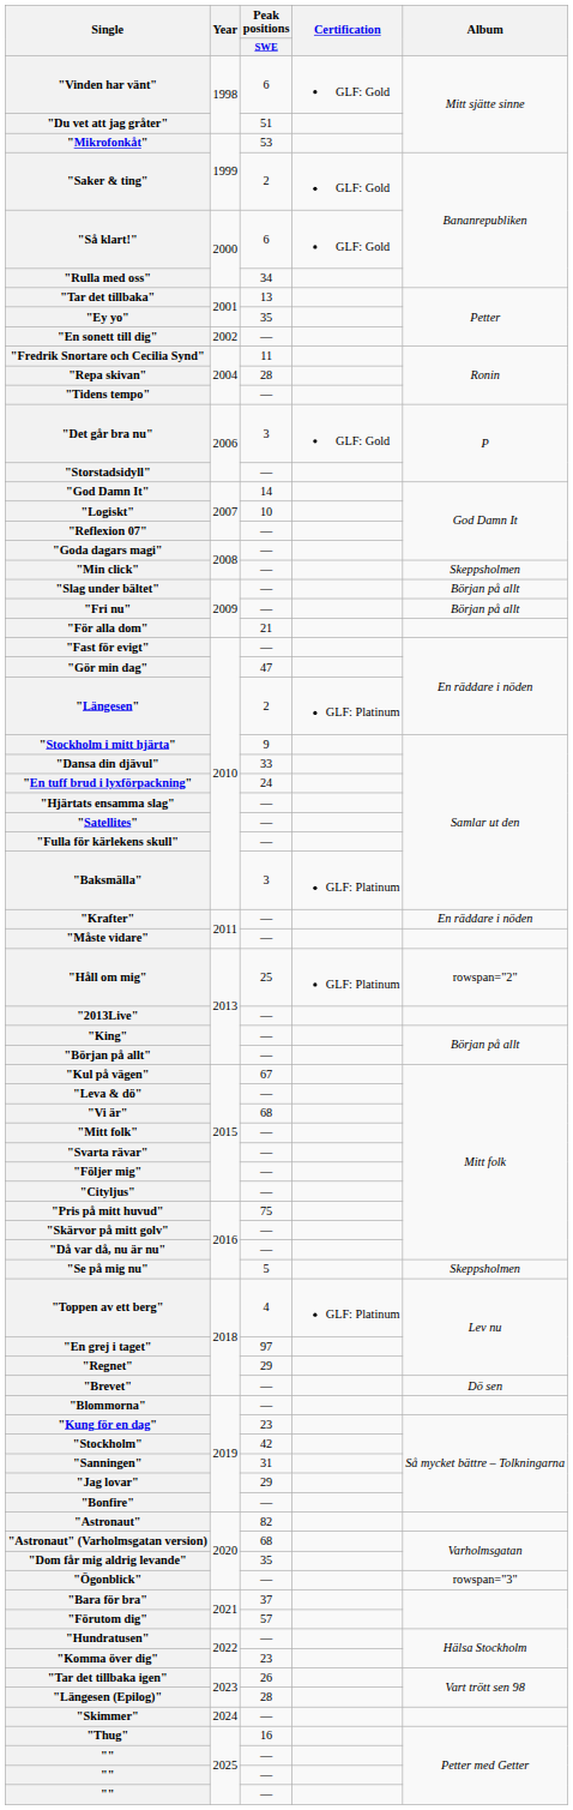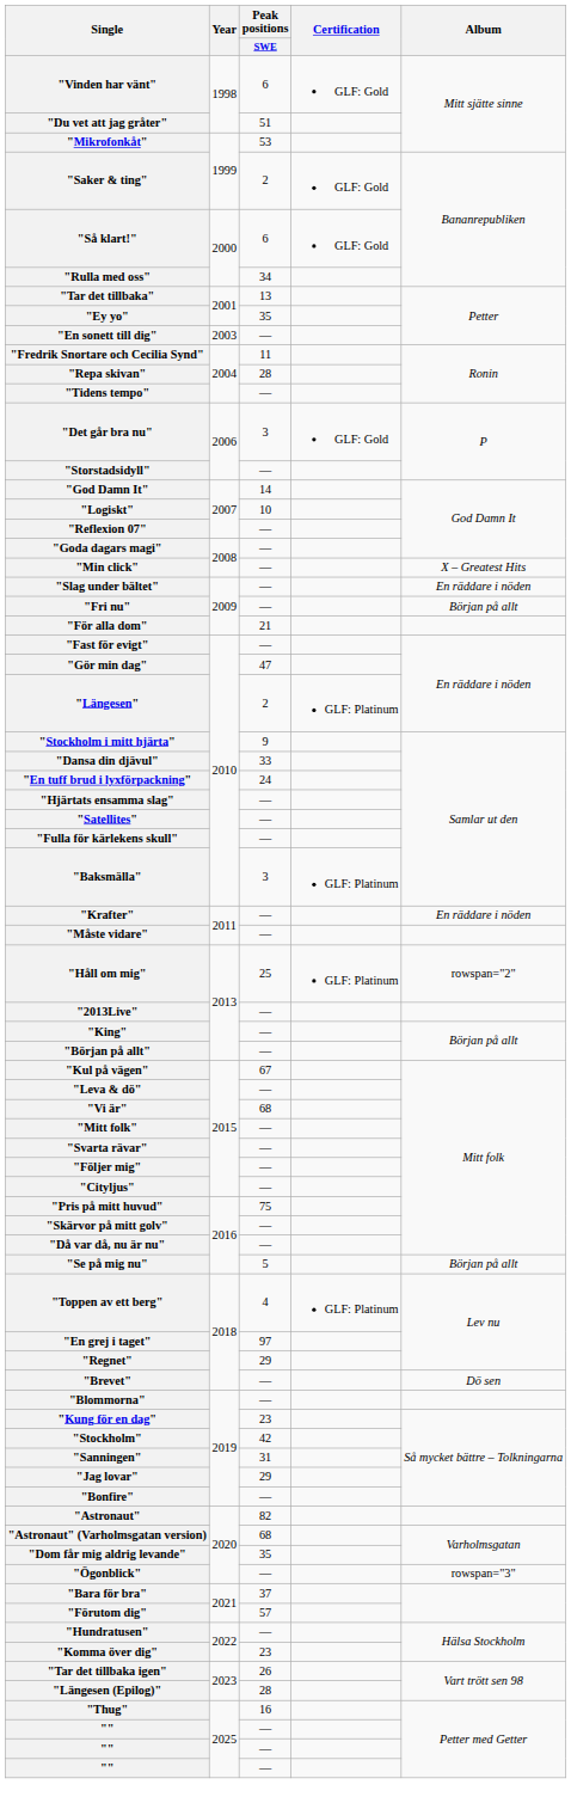 <table class="wikitable plainrowheaders" style="text-align:center">
 <tr>
 <th scope="col" rowspan="2">Single</th>
 <th scope="col" rowspan="2">Year</th>
 <th scope="col" colspan="1">Peak positions</th>
 <th scope="col" rowspan="2"><a href='#'>Certification</a></th>
 <th scope="col" rowspan="2">Album</th>
 </tr>
 <tr>
 <th scope="col" style="width:3em;font-size:85%;"><a href='#'>SWE</a><br></th>
 </tr>
 <tr>
 <th scope="row">"Vinden har vänt"</th>
 <td rowspan="2">1998</td>
 <td>6</td>
 <td><br><ul><li>GLF: Gold</li></ul></td>
 <td rowspan="3"><em>Mitt sjätte sinne</em></td>
 </tr>
 <tr>
 <th scope="row">"Du vet att jag gråter"<br></th>
 <td>51</td>
 <td></td>
 </tr>
 <tr>
 <th scope="row">"<a href='#'>Mikrofonkåt</a>"</th>
 <td rowspan="2">1999</td>
 <td>53</td>
 <td></td>
 </tr>
 <tr>
 <th scope="row">"Saker & ting"<br></th>
 <td>2</td>
 <td><br><ul><li>GLF: Gold</li></ul></td>
 <td rowspan="3"><em>Bananrepubliken</em></td>
 </tr>
 <tr>
 <th scope="row">"Så klart!"<br></th>
 <td rowspan="2">2000</td>
 <td>6</td>
 <td><br><ul><li>GLF: Gold</li></ul></td>
 </tr>
 <tr>
 <th scope="row">"Rulla med oss"<br></th>
 <td>34</td>
 <td></td>
 </tr>
 <tr>
 <th scope="row">"Tar det tillbaka"</th>
 <td rowspan="2">2001</td>
 <td>13</td>
 <td></td>
 <td rowspan="3"><em>Petter</em></td>
 </tr>
 <tr>
 <th scope="row">"Ey yo"<br></th>
 <td>35</td>
 <td></td>
 </tr>
 <tr>
 <th scope="row">"En sonett till dig"<br></th>
-<td>2002</td>
+<td>2003</td>
 <td>—</td>
 <td></td>
 </tr>
 <tr>
 <th scope="row">"Fredrik Snortare och Cecilia Synd"</th>
 <td rowspan="3">2004</td>
 <td>11</td>
 <td></td>
 <td rowspan="3"><em>Ronin</em></td>
 </tr>
 <tr>
 <th scope="row">"Repa skivan"<br></th>
 <td>28</td>
 <td></td>
 </tr>
 <tr>
 <th scope="row">"Tidens tempo"<br></th>
 <td>—</td>
 <td></td>
 </tr>
 <tr>
 <th scope="row">"Det går bra nu"</th>
 <td rowspan="2">2006</td>
 <td>3</td>
 <td><br><ul><li>GLF: Gold</li></ul></td>
 <td rowspan="2"><em>P</em></td>
 </tr>
 <tr>
 <th scope="row">"Storstadsidyll"</th>
 <td>—</td>
 <td></td>
 </tr>
 <tr>
 <th scope="row">"God Damn It"</th>
 <td rowspan="3">2007</td>
 <td>14</td>
 <td></td>
 <td rowspan="4"><em>God Damn It</em></td>
 </tr>
 <tr>
 <th scope="row">"Logiskt"<br></th>
 <td>10</td>
 <td></td>
 </tr>
 <tr>
 <th scope="row">"Reflexion 07"<br></th>
 <td>—</td>
 <td></td>
 </tr>
 <tr>
 <th scope="row">"Goda dagars magi"</th>
 <td rowspan="2">2008</td>
 <td>—</td>
 <td></td>
 </tr>
 <tr>
 <th scope="row">"Min click"<br></th>
 <td>—</td>
 <td></td>
-<td><em>Skeppsholmen</em></td>
+<td><em>X – Greatest Hits</em></td>
 </tr>
 <tr>
 <th scope="row">"Slag under bältet"</th>
 <td rowspan="3">2009</td>
 <td>—</td>
 <td></td>
-<td><em>Början på allt</em></td>
+<td><em>En räddare i nöden</em></td>
 </tr>
 <tr>
 <th scope="row">"Fri nu"</th>
 <td>—</td>
 <td></td>
 <td><em>Början på allt</em></td>
 </tr>
 <tr>
 <th scope="row">"För alla dom"<br></th>
 <td>21</td>
 <td></td>
 </tr>
 <tr>
 <th scope="row">"Fast för evigt"</th>
 <td rowspan="10">2010</td>
 <td>—</td>
 <td></td>
 <td rowspan="3"><em>En räddare i nöden</em></td>
 </tr>
 <tr>
 <th scope="row">"Gör min dag"<br></th>
 <td>47</td>
 <td></td>
 </tr>
 <tr>
 <th scope="row">"<a href='#'>Längesen</a>"<br></th>
 <td>2<br></td>
 <td><br><ul><li>GLF: Platinum</li></ul></td>
 </tr>
 <tr>
 <th scope="row">"<a href='#'>Stockholm i mitt hjärta</a>"</th>
 <td>9</td>
 <td></td>
 <td rowspan="7"><em>Samlar ut den</em></td>
 </tr>
 <tr>
 <th scope="row">"Dansa din djävul"</th>
 <td>33</td>
 <td></td>
 </tr>
 <tr>
 <th scope="row">"<a href='#'>En tuff brud i lyxförpackning</a>"</th>
 <td>24</td>
 <td></td>
 </tr>
 <tr>
 <th scope="row">"Hjärtats ensamma slag"</th>
 <td>—</td>
 <td></td>
 </tr>
 <tr>
 <th scope="row">"<a href='#'>Satellites</a>"</th>
 <td>—</td>
 <td></td>
 </tr>
 <tr>
 <th scope="row">"Fulla för kärlekens skull"</th>
 <td>—</td>
 <td></td>
 </tr>
 <tr>
 <th scope="row">"Baksmälla"<br></th>
 <td>3</td>
 <td><br><ul><li>GLF: Platinum</li></ul></td>
 </tr>
 <tr>
 <th scope="row">"Krafter"<br></th>
 <td rowspan="2">2011</td>
 <td>—</td>
 <td></td>
 <td><em>En räddare i nöden</em></td>
 </tr>
 <tr>
 <th scope="row">"Måste vidare"</th>
 <td>—</td>
 <td></td>
 <td></td>
 </tr>
 <tr>
 <th scope="row">"Håll om mig"<br></th>
 <td rowspan="4">2013</td>
 <td>25<br></td>
 <td><br><ul><li>GLF: Platinum</li></ul></td>
 <td>rowspan="2"</td>
 </tr>
 <tr>
 <th scope="row">"2013Live"<br></th>
 <td>—</td>
 <td></td>
 <td></td>
 </tr>
 <tr>
 <th scope="row">"King"<br></th>
 <td>—</td>
 <td></td>
 <td rowspan="2"><em>Början på allt</em></td>
 </tr>
 <tr>
 <th scope="row">"Början på allt"<br></th>
 <td>—</td>
 <td></td>
 </tr>
 <tr>
 <th scope="row">"Kul på vägen"<br></th>
 <td rowspan="7">2015</td>
 <td>67</td>
 <td></td>
 <td rowspan="10"><em>Mitt folk</em></td>
 </tr>
 <tr>
 <th scope="row">"Leva & dö"<br></th>
 <td>—</td>
 <td></td>
 </tr>
 <tr>
 <th scope="row">"Vi är"</th>
 <td>68</td>
 </tr>
 <tr>
 <th scope="row">"Mitt folk"<br></th>
 <td>—</td>
 <td></td>
 </tr>
 <tr>
 <th scope="row">"Svarta rävar"<br></th>
 <td>—</td>
 <td></td>
 </tr>
 <tr>
 <th scope="row">"Följer mig"<br></th>
 <td>—</td>
 <td></td>
 </tr>
 <tr>
 <th scope="row">"Cityljus"<br></th>
 <td>—</td>
 <td></td>
 </tr>
 <tr>
 <th scope="row">"Pris på mitt huvud"<br></th>
 <td rowspan="4">2016</td>
 <td>75<br></td>
 <td></td>
 </tr>
 <tr>
 <th scope="row">"Skärvor på mitt golv"</th>
 <td>—</td>
 <td></td>
 </tr>
 <tr>
 <th scope="row">"Då var då, nu är nu"<br></th>
 <td>—</td>
 <td></td>
 </tr>
 <tr>
 <th scope="row">"Se på mig nu"<br></th>
 <td>5<br></td>
 <td></td>
-<td><em>Skeppsholmen</em></td>
+<td><em>Början på allt</em></td>
 </tr>
 <tr>
 <th scope="row">"Toppen av ett berg"<br></th>
 <td rowspan="4">2018</td>
 <td>4<br></td>
 <td><br><ul><li>GLF: Platinum</li></ul></td>
 <td rowspan="3"><em>Lev nu</em></td>
 </tr>
 <tr>
 <th scope="row">"En grej i taget"<br></th>
 <td>97<br></td>
 <td></td>
 </tr>
 <tr>
 <th scope="row">"Regnet"<br></th>
 <td>29<br></td>
 <td></td>
 </tr>
 <tr>
 <th scope="row">"Brevet"<br></th>
 <td>—</td>
 <td></td>
 <td><em>Dö sen</em></td>
 </tr>
 <tr>
 <th scope="row">"Blommorna"<br></th>
 <td rowspan="6">2019</td>
 <td>—</td>
 <td></td>
 <td></td>
 </tr>
 <tr>
 <th scope="row">"<a href='#'>Kung för en dag</a>"<br></th>
 <td>23<br></td>
 <td></td>
 <td rowspan="5"><em>Så mycket bättre – Tolkningarna</em></td>
 </tr>
 <tr>
 <th scope="row">"Stockholm"<br></th>
 <td>42<br></td>
 <td></td>
 </tr>
 <tr>
 <th scope="row">"Sanningen"<br></th>
 <td>31<br></td>
 <td></td>
 </tr>
 <tr>
 <th scope="row">"Jag lovar"</th>
 <td>29</td>
 <td></td>
 </tr>
 <tr>
 <th scope="row">"Bonfire"</th>
 <td>—</td>
 <td></td>
 </tr>
 <tr>
 <th scope="row">"Astronaut"<br></th>
 <td rowspan="4">2020</td>
 <td>82<br></td>
 <td></td>
 <td></td>
 </tr>
 <tr>
 <th scope="row">"Astronaut" (Varholmsgatan version)<br></th>
 <td>68<br></td>
 <td></td>
 <td rowspan="2"><em>Varholmsgatan</em></td>
 </tr>
 <tr>
 <th scope="row">"Dom får mig aldrig levande"<br></th>
 <td>35</td>
 <td></td>
 </tr>
 <tr>
 <th scope="row">"Ögonblick"<br></th>
 <td>—</td>
 <td></td>
 <td>rowspan="3" </td>
 </tr>
 <tr>
 <th scope="row">"Bara för bra"<br></th>
 <td rowspan="2">2021</td>
 <td>37</td>
 <td></td>
 </tr>
 <tr>
 <th scope="row">"Förutom dig"</th>
 <td>57<br></td>
 <td></td>
 </tr>
 <tr>
 <th scope="row">"Hundratusen"<br></th>
 <td rowspan="2">2022</td>
 <td>—</td>
 <td></td>
 <td rowspan="2"><em>Hälsa Stockholm</em></td>
 </tr>
 <tr>
 <th scope="row">"Komma över dig"<br></th>
 <td>23<br></td>
 <td></td>
 </tr>
 <tr>
 <th scope="row">"Tar det tillbaka igen"<br></th>
 <td rowspan="2">2023</td>
 <td>26<br></td>
 <td></td>
 <td rowspan="2"><em>Vart trött sen 98</em></td>
 </tr>
 <tr>
 <th scope="row">"Längesen (Epilog)"<br></th>
 <td>28<br></td>
 <td></td>
 </tr>
 <tr>
-<th scope="row">"Skimmer"<br></th>
-<td>2024</td>
-<td>—</td>
-<td></td>
-<td></td>
-</tr>
-<tr>
 <th scope="row">"Thug"<br></th>
 <td rowspan="4">2025</td>
 <td>16<br></td>
 <td></td>
 <td rowspan="4"><em>Petter med Getter</em></td>
 </tr>
 <tr>
 <th scope="row">""<br></th>
 <td>—</td>
 <td></td>
 </tr>
 <tr>
 <th scope="row">""<br></th>
 <td>—</td>
 <td></td>
 </tr>
 <tr>
 <th scope="row">""<br></th>
 <td>—</td>
 <td></td>
 </tr>
 </table>
